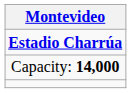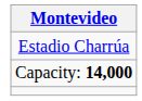 <table class="wikitable" style="text-align:center; margin:auto;" align=right>
 <tr>
 <th><a href='#'>Montevideo</a></th>
 </tr>
 <tr>
-<td><strong><a href='#'>Estadio Charrúa</a></strong></td>
+<td><a href='#'>Estadio Charrúa</a></td>
 </tr>
 <tr>
 <td>Capacity: <strong>14,000</strong></td>
 </tr>
 <tr>
 <td></td>
 </tr>
 </table>
